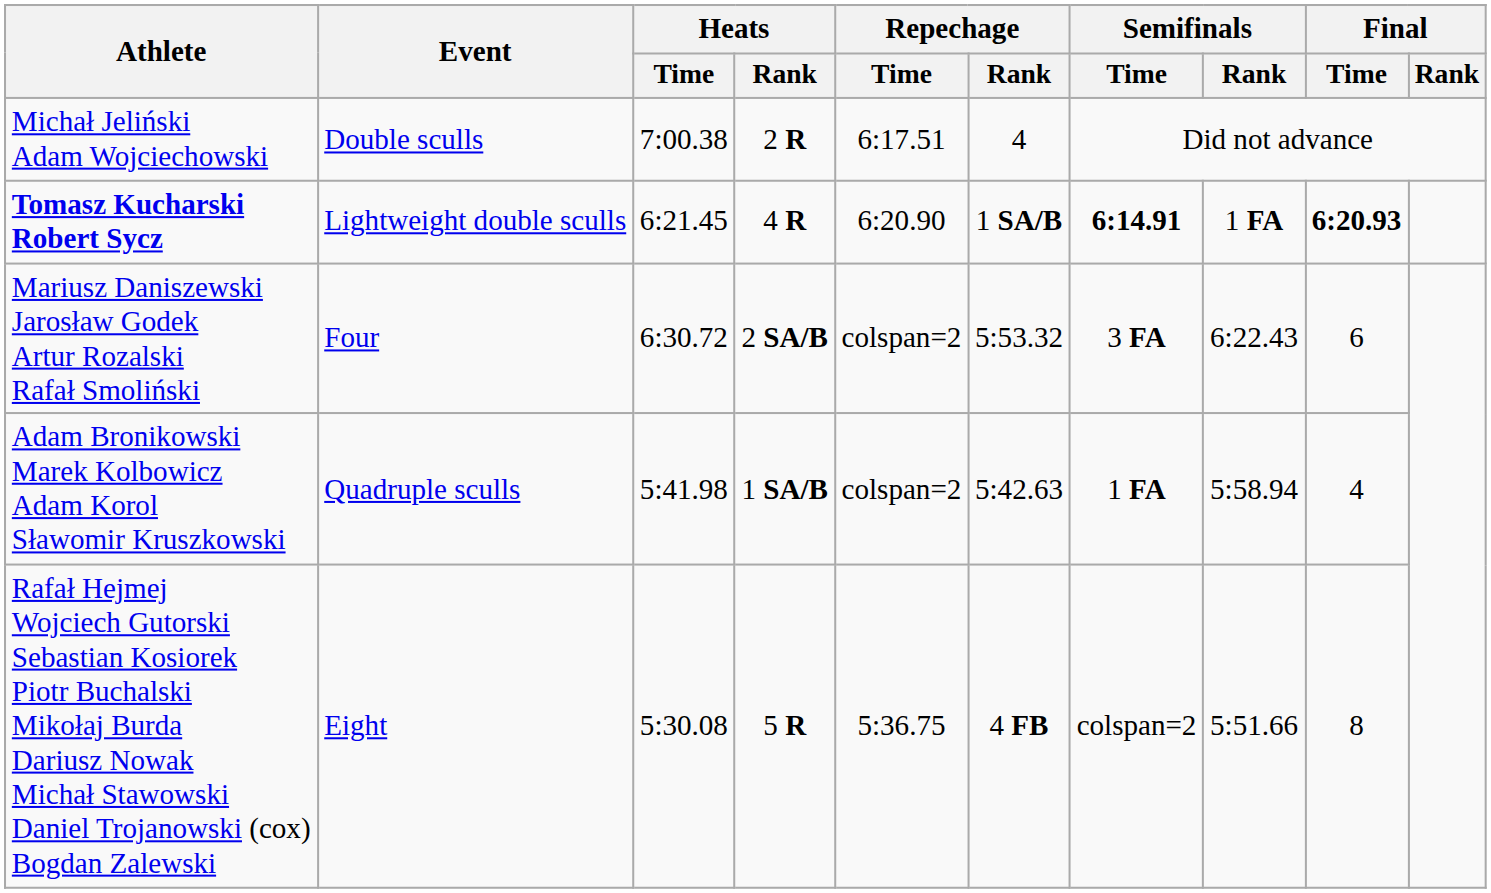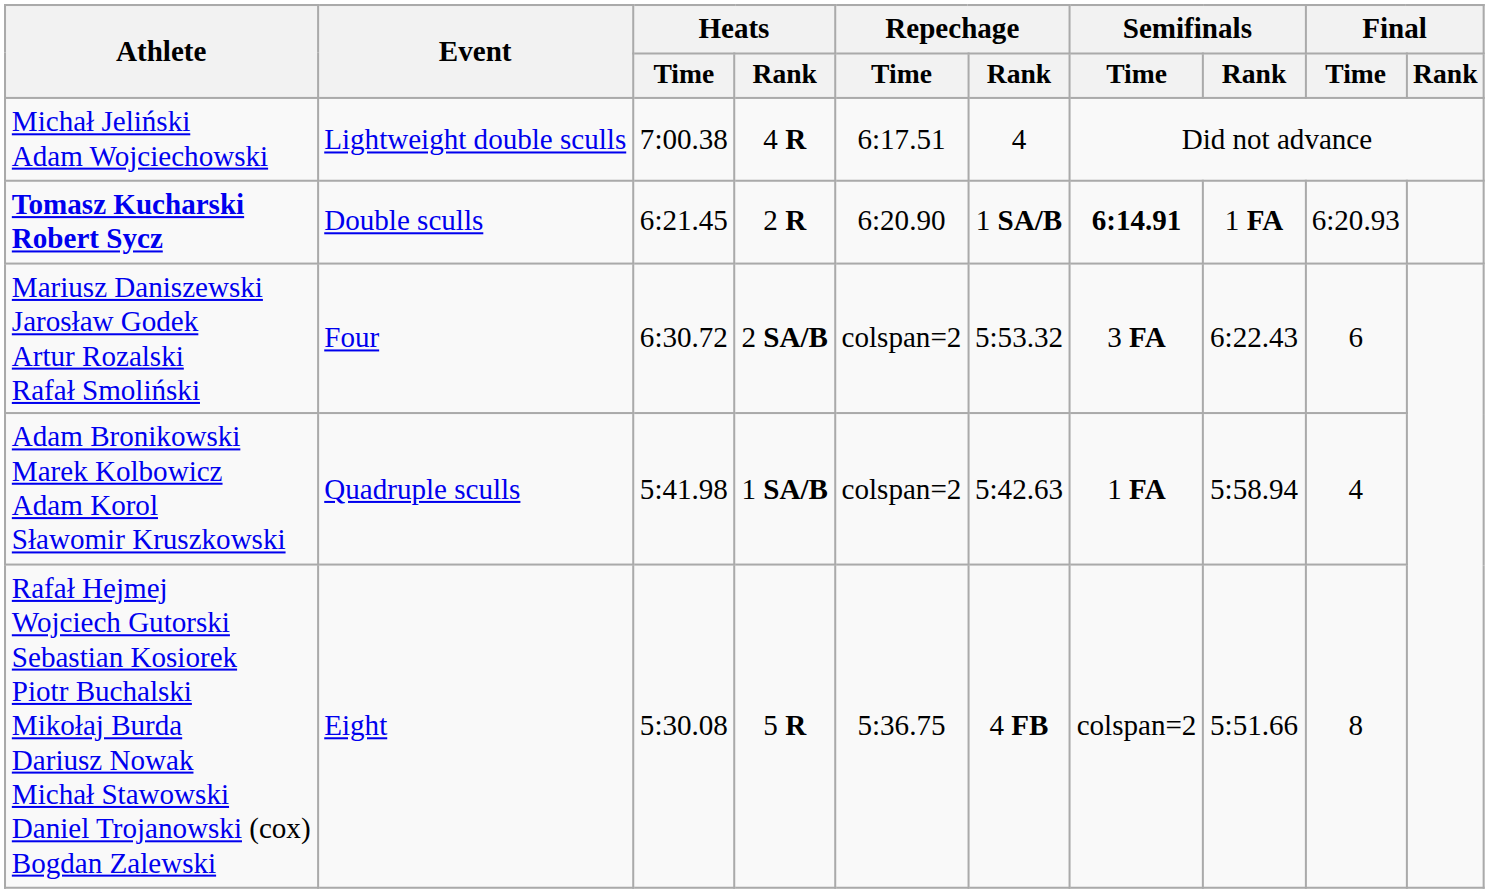 <table class="wikitable" style="font-size:90%;">
 <tr>
 <th rowspan="2">Athlete</th>
 <th rowspan="2">Event</th>
 <th colspan="2">Heats</th>
 <th colspan="2">Repechage</th>
 <th colspan="2">Semifinals</th>
 <th colspan="2">Final</th>
 </tr>
 <tr style="font-size:95%">
 <th>Time</th>
 <th>Rank</th>
 <th>Time</th>
 <th>Rank</th>
 <th>Time</th>
 <th>Rank</th>
 <th>Time</th>
 <th>Rank</th>
 </tr>
 <tr align=center>
 <td align=left><a href='#'>Michał Jeliński</a><br><a href='#'>Adam Wojciechowski</a></td>
-<td align=left><a href='#'>Double sculls</a></td>
+<td align=left><a href='#'>Lightweight double sculls</a></td>
 <td>7:00.38</td>
-<td>2 <strong>R</strong></td>
+<td>4 <strong>R</strong></td>
 <td>6:17.51</td>
 <td>4</td>
 <td colspan=4>Did not advance</td>
 </tr>
 <tr align=center>
 <td align=left><strong><a href='#'>Tomasz Kucharski</a><br><a href='#'>Robert Sycz</a></strong></td>
-<td align=left><a href='#'>Lightweight double sculls</a></td>
+<td align=left><a href='#'>Double sculls</a></td>
 <td>6:21.45</td>
-<td>4 <strong>R</strong></td>
+<td>2 <strong>R</strong></td>
 <td>6:20.90</td>
 <td>1 <strong>SA/B</strong></td>
 <td><strong>6:14.91</strong></td>
 <td>1 <strong>FA</strong></td>
-<td><strong>6:20.93</strong></td>
+<td>6:20.93</td>
 <td></td>
 </tr>
 <tr align=center>
 <td align=left><a href='#'>Mariusz Daniszewski</a><br><a href='#'>Jarosław Godek</a><br><a href='#'>Artur Rozalski</a><br><a href='#'>Rafał Smoliński</a></td>
 <td align=left><a href='#'>Four</a></td>
 <td>6:30.72</td>
 <td>2 <strong>SA/B</strong></td>
 <td>colspan=2 </td>
 <td>5:53.32</td>
 <td>3 <strong>FA</strong></td>
 <td>6:22.43</td>
 <td>6</td>
 </tr>
 <tr align=center>
 <td align=left><a href='#'>Adam Bronikowski</a><br><a href='#'>Marek Kolbowicz</a><br><a href='#'>Adam Korol</a><br><a href='#'>Sławomir Kruszkowski</a></td>
 <td align=left><a href='#'>Quadruple sculls</a></td>
 <td>5:41.98</td>
 <td>1 <strong>SA/B</strong></td>
 <td>colspan=2 </td>
 <td>5:42.63</td>
 <td>1 <strong>FA</strong></td>
 <td>5:58.94</td>
 <td>4</td>
 </tr>
 <tr align=center>
 <td align=left><a href='#'>Rafał Hejmej</a><br><a href='#'>Wojciech Gutorski</a><br><a href='#'>Sebastian Kosiorek</a><br><a href='#'>Piotr Buchalski</a><br><a href='#'>Mikołaj Burda</a><br><a href='#'>Dariusz Nowak</a><br><a href='#'>Michał Stawowski</a><br><a href='#'>Daniel Trojanowski</a> (cox)<br><a href='#'>Bogdan Zalewski</a></td>
 <td align=left><a href='#'>Eight</a></td>
 <td>5:30.08</td>
 <td>5 <strong>R</strong></td>
 <td>5:36.75</td>
 <td>4 <strong>FB</strong></td>
 <td>colspan=2 </td>
 <td>5:51.66</td>
 <td>8</td>
 </tr>
 </table>
